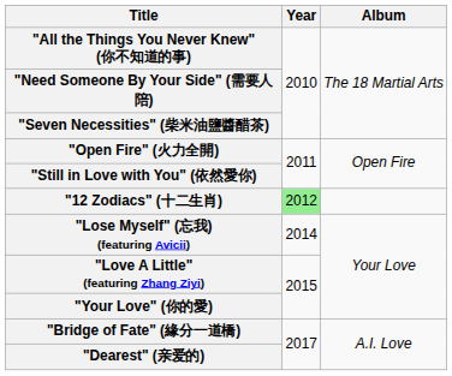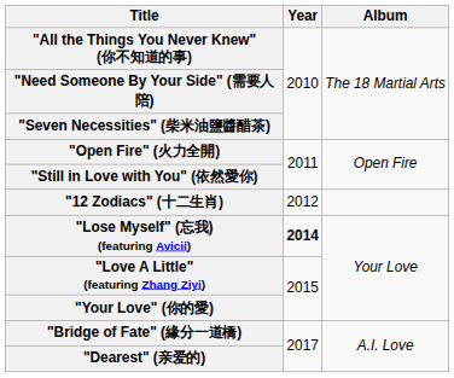 <table class="wikitable plainrowheaders" style="text-align:center;">
 <tr>
 <th scope="col" style="width:19em;">Title</th>
 <th scope="col">Year</th>
 <th scope="col">Album</th>
 </tr>
 <tr>
 <th scope="row">"All the Things You Never Knew"<br>(你不知道的事)</th>
 <td rowspan="3">2010</td>
 <td rowspan="3"><em>The 18 Martial Arts</em></td>
 </tr>
 <tr>
 <th scope="row">"Need Someone By Your Side" (需要人陪)</th>
 </tr>
 <tr>
 <th scope="row">"Seven Necessities" (柴米油鹽醬醋茶)</th>
 </tr>
 <tr>
 <th scope="row">"Open Fire" (火力全開)</th>
 <td rowspan="2">2011</td>
 <td rowspan="2"><em>Open Fire</em></td>
 </tr>
 <tr>
 <th scope="row">"Still in Love with You" (依然愛你)</th>
 </tr>
 <tr>
 <th scope="row">"12 Zodiacs" (十二生肖)</th>
-<td style="background: lightgreen;">2012</td>
+<td>2012</td>
 <td></td>
 </tr>
 <tr>
 <th scope="row">"Lose Myself" (忘我)<br><small>(featuring <a href='#'>Avicii</a>)</small></th>
-<td>2014</td>
+<td><strong>2014</strong></td>
 <td rowspan="3"><em>Your Love</em></td>
 </tr>
 <tr>
 <th scope="row">"Love A Little"<br><small>(featuring <a href='#'>Zhang Ziyi</a>)</small></th>
 <td rowspan="2">2015</td>
 </tr>
 <tr>
 <th scope="row">"Your Love" (你的愛)</th>
 </tr>
 <tr>
 <th scope="row">"Bridge of Fate" (緣分一道橋)</th>
 <td rowspan="2">2017</td>
 <td rowspan="2"><em>A.I. Love</em></td>
 </tr>
 <tr>
 <th scope="row">"Dearest" (亲爱的)</th>
 </tr>
 </table>
